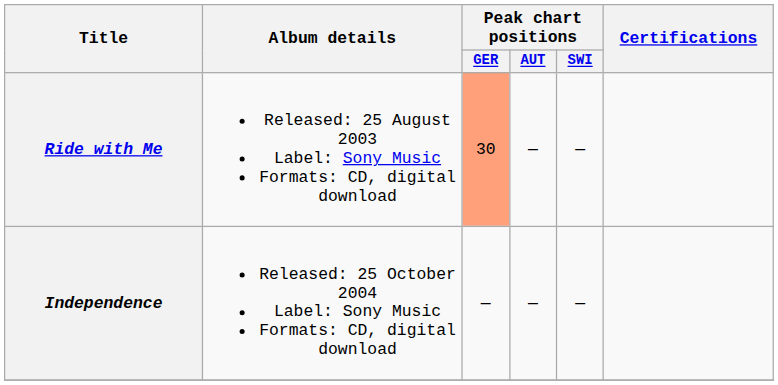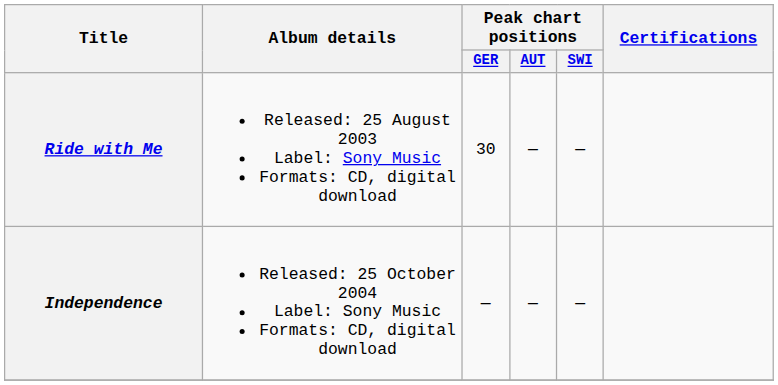 <table class="wikitable plainrowheaders" style="text-align:center;" border="1">
 <tr>
 <th scope="col" rowspan="2" style="width:12em;">Title</th>
 <th scope="col" rowspan="2" style="width:16em;">Album details</th>
 <th scope="col" colspan="3">Peak chart positions</th>
 <th scope="col" rowspan="2" style="width:10em;"><a href='#'>Certifications</a></th>
 </tr>
 <tr>
 <th style="width:3em;font-size:85%"><a href='#'>GER</a><br></th>
 <th style="width:3em;font-size:85%"><a href='#'>AUT</a><br></th>
 <th style="width:3em;font-size:85%"><a href='#'>SWI</a><br></th>
 </tr>
 <tr>
 <th scope="row"><em><a href='#'>Ride with Me</a></em></th>
 <td><br><ul><li>Released: 25 August 2003</li><li>Label: <a href='#'>Sony Music</a></li><li>Formats: CD, digital download</li></ul></td>
-<td style="background: lightsalmon;">30</td>
+<td>30</td>
 <td>—</td>
 <td>—</td>
 <td align="left"></td>
 </tr>
 <tr>
 <th scope="row"><em>Independence</em></th>
 <td><br><ul><li>Released: 25 October 2004</li><li>Label: Sony Music</li><li>Formats: CD, digital download</li></ul></td>
 <td>—</td>
 <td>—</td>
 <td>—</td>
 <td align="left"></td>
 </tr>
 <tr>
 </tr>
 </table>
